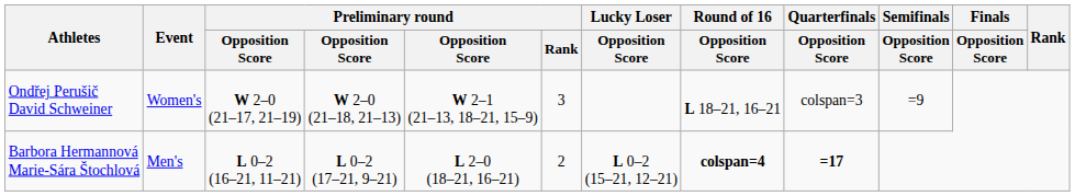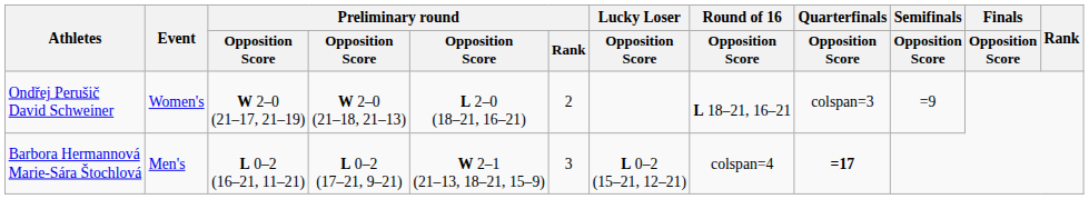 <table class=wikitable style=font-size:89%;text-align:center>
 <tr>
 <th rowspan=2>Athletes</th>
 <th rowspan=2>Event</th>
 <th colspan=4>Preliminary round</th>
 <th>Lucky Loser</th>
 <th>Round of 16</th>
 <th>Quarterfinals</th>
 <th>Semifinals</th>
 <th>Finals</th>
 <th rowspan=2>Rank</th>
 </tr>
 <tr style=font-size:95%>
 <th>Opposition<br>Score</th>
 <th>Opposition<br>Score</th>
 <th>Opposition<br>Score</th>
 <th>Rank</th>
 <th>Opposition<br>Score</th>
 <th>Opposition<br>Score</th>
 <th>Opposition<br>Score</th>
 <th>Opposition<br>Score</th>
 <th>Opposition<br>Score</th>
 </tr>
 <tr>
 <td align=left><a href='#'>Ondřej Perušič</a> <br><a href='#'>David Schweiner</a></td>
 <td align=left><a href='#'>Women's</a></td>
 <td><br><strong>W</strong> 2–0<br>(21–17, 21–19)</td>
 <td><br><strong>W</strong> 2–0<br>(21–18, 21–13)</td>
-<td><br><strong>W</strong> 2–1<br>(21–13, 18–21, 15–9)</td>
-<td>3</td>
+<td><br><strong>L</strong> 2–0<br>(18–21, 16–21)</td>
+<td>2</td>
 <td></td>
 <td><br><strong>L</strong> 18–21, 16–21</td>
 <td>colspan=3 </td>
 <td>=9</td>
 </tr>
 <tr>
 <td align=left><a href='#'>Barbora Hermannová</a> <br><a href='#'>Marie-Sára Štochlová</a></td>
 <td align=left><a href='#'>Men's</a></td>
 <td><br><strong>L</strong> 0–2<br>(16–21, 11–21)</td>
 <td><br><strong>L</strong> 0–2<br>(17–21, 9–21)</td>
-<td><br><strong>L</strong> 2–0<br>(18–21, 16–21)</td>
-<td>2</td>
+<td><br><strong>W</strong> 2–1<br>(21–13, 18–21, 15–9)</td>
+<td>3</td>
 <td> <br><strong>L</strong> 0–2<br>(15–21, 12–21)<br></td>
-<td><strong>colspan=4 </strong></td>
+<td>colspan=4 </td>
 <td><strong>=17</strong></td>
 </tr>
 </table>
